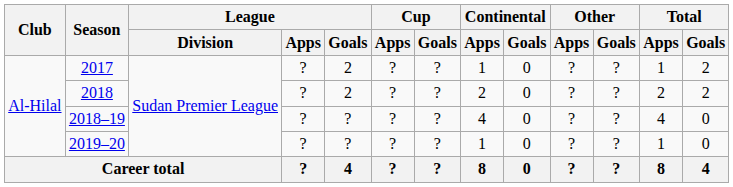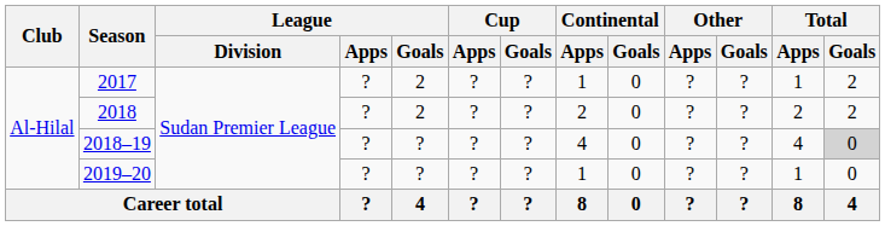 <table class="wikitable" style="text-align: center">
 <tr>
 <th rowspan="2">Club</th>
 <th rowspan="2">Season</th>
 <th colspan="3">League</th>
 <th colspan="2">Cup</th>
 <th colspan="2">Continental</th>
 <th colspan="2">Other</th>
 <th colspan="2">Total</th>
 </tr>
 <tr>
 <th>Division</th>
 <th>Apps</th>
 <th>Goals</th>
 <th>Apps</th>
 <th>Goals</th>
 <th>Apps</th>
 <th>Goals</th>
 <th>Apps</th>
 <th>Goals</th>
 <th>Apps</th>
 <th>Goals</th>
 </tr>
 <tr>
 <td rowspan="4"><a href='#'>Al-Hilal</a></td>
 <td><a href='#'>2017</a></td>
 <td rowspan="4"><a href='#'>Sudan Premier League</a></td>
 <td>?</td>
 <td>2</td>
 <td>?</td>
 <td>?</td>
 <td>1</td>
 <td>0</td>
 <td>?</td>
 <td>?</td>
 <td>1</td>
 <td>2</td>
 </tr>
 <tr>
 <td><a href='#'>2018</a></td>
 <td>?</td>
 <td>2</td>
 <td>?</td>
 <td>?</td>
 <td>2</td>
 <td>0</td>
 <td>?</td>
 <td>?</td>
 <td>2</td>
 <td>2</td>
 </tr>
 <tr>
 <td><a href='#'>2018–19</a></td>
 <td>?</td>
 <td>?</td>
 <td>?</td>
 <td>?</td>
 <td>4</td>
 <td>0</td>
 <td>?</td>
 <td>?</td>
 <td>4</td>
-<td>0</td>
+<td style="background: lightgrey;">0</td>
 </tr>
 <tr>
 <td><a href='#'>2019–20</a></td>
 <td>?</td>
 <td>?</td>
 <td>?</td>
 <td>?</td>
 <td>1</td>
 <td>0</td>
 <td>?</td>
 <td>?</td>
 <td>1</td>
 <td>0</td>
 </tr>
 <tr>
 <th colspan="3"><strong>Career total</strong></th>
 <th>?</th>
 <th>4</th>
 <th>?</th>
 <th>?</th>
 <th>8</th>
 <th>0</th>
 <th>?</th>
 <th>?</th>
 <th>8</th>
 <th>4</th>
 </tr>
 </table>
